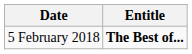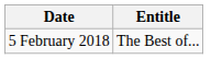 <table class="wikitable" style="text-align:center;">
 <tr>
 <th>Date</th>
 <th>Entitle</th>
 </tr>
 <tr>
 <td>5 February 2018</td>
-<td><strong>The Best of...</strong></td>
+<td>The Best of...</td>
 </tr>
 </table>
